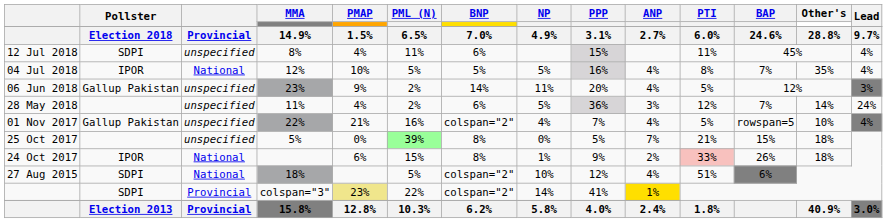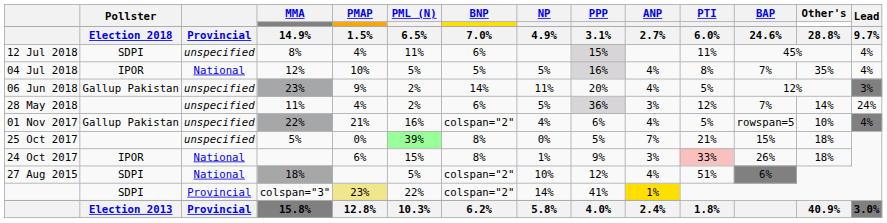 <table class="wikitable sortable" style="text-align:center">
 <tr>
 <th rowspan="2"></th>
 <th rowspan="2">Pollster</th>
 <th style="width:60px;" rowspan="2"></th>
 <th style="width:60px;" class="unsortable"><a href='#'>MMA</a></th>
 <th style="width:60px;" class="unsortable"><a href='#'>PMAP</a></th>
 <th style="width:60px;" class="unsortable"><a href='#'>PML (N)</a></th>
 <th style="width:60px;" class="unsortable"><a href='#'>BNP</a></th>
 <th style="width:60px;" class="unsortable"><a href='#'>NP</a></th>
 <th style="width:60px;" class="unsortable"><a href='#'>PPP</a></th>
 <th style="width:60px;" class="unsortable"><a href='#'>ANP</a></th>
 <th style="width:60px;" class="unsortable"><a href='#'>PTI</a></th>
 <th style="width:60px;" class="unsortable"><a href='#'>BAP</a></th>
 <th style="width:60px;" class="unsortable">Other's</th>
 <th class="unsortable" style="width:20px;" rowspan="2">Lead</th>
 </tr>
 <tr>
 <th class="unsortable" style="color:inherit;background:gray; width:60px;"></th>
 <th class="unsortable" style="color:inherit;background:orange; width:60px;"></th>
 <th class="unsortable" style="color:inherit;background:"></th>
 <th class="unsortable" style="color:inherit;background:#FFDF00; width:60px;"></th>
 <th class="unsortable" style="color:inherit;background:"></th>
 <th class="unsortable" style="color:inherit;background:"></th>
 <th class="unsortable" style="color:inherit;background:"></th>
 <th class="unsortable" style="color:inherit;background:"></th>
 <th class="unsortable" style="color:inherit;background:"></th>
 <th class="unsortable" style="color:inherit;background:white; width:60px;"></th>
 </tr>
 <tr>
 </tr>
 <tr class=sortbottom style="background:#f2f2f2; font-weight:bold">
 <th></th>
 <th><a href='#'>Election 2018</a></th>
 <th><a href='#'>Provincial</a></th>
 <th>14.9%</th>
 <th>1.5%</th>
 <th>6.5%</th>
 <th>7.0%</th>
 <th>4.9%</th>
 <th>3.1%</th>
 <th>2.7%</th>
 <th>6.0%</th>
 <th style="background:"><strong>24.6%</strong></th>
 <th>28.8%</th>
 <th style="background:"><strong>9.7%</strong></th>
 </tr>
 <tr>
 <td>12 Jul 2018</td>
 <td>SDPI</td>
 <td><em>unspecified</em></td>
 <td>8%</td>
 <td>4%</td>
 <td>11%</td>
 <td>6%</td>
 <td></td>
 <td style="background:#D7D5D7">15%</td>
 <td></td>
 <td>11%</td>
 <td colspan=2>45%</td>
 <td style="background:">4%</td>
 </tr>
 <tr>
 <td>04 Jul 2018</td>
 <td>IPOR</td>
 <td><a href='#'>National</a></td>
 <td>12%</td>
 <td>10%</td>
 <td>5%</td>
 <td>5%</td>
 <td>5%</td>
 <td style="background:#D7D5D7">16%</td>
 <td>4%</td>
 <td>8%</td>
 <td>7%</td>
 <td>35%</td>
 <td style="background:">4%</td>
 </tr>
 <tr>
 <td>06 Jun 2018</td>
 <td>Gallup Pakistan</td>
 <td><em>unspecified</em></td>
 <td style="background:#A6A7A9">23%</td>
 <td>9%</td>
 <td>2%</td>
 <td>14%</td>
 <td>11%</td>
 <td>20%</td>
 <td>4%</td>
 <td>5%</td>
 <td colspan=2>12%</td>
 <td style="background:gray">3%</td>
 </tr>
 <tr>
 <td>28 May 2018</td>
 <td></td>
 <td><em>unspecified</em></td>
 <td>11%</td>
 <td>4%</td>
 <td>2%</td>
 <td>6%</td>
 <td>5%</td>
 <td style="background:#D7D5D7">36%</td>
 <td>3%</td>
 <td>12%</td>
 <td>7%</td>
 <td>14%</td>
 <td style="background:">24%</td>
 </tr>
 <tr>
 <td>01 Nov 2017</td>
 <td>Gallup Pakistan</td>
 <td><em>unspecified</em></td>
 <td style="background:#A6A7A9">22%</td>
 <td>21%</td>
 <td>16%</td>
 <td>colspan="2" </td>
 <td>4%</td>
-<td>7%</td>
+<td>6%</td>
 <td>4%</td>
 <td>5%</td>
 <td>rowspan=5 </td>
 <td>10%</td>
 <td style="background:gray">4%</td>
 </tr>
 <tr>
 <td>25 Oct 2017</td>
 <td></td>
 <td><em>unspecified</em></td>
 <td>5%</td>
 <td>0%</td>
 <td style="background:rgb(153, 255, 153)">39%</td>
 <td>8%</td>
 <td>0%</td>
 <td>5%</td>
 <td>7%</td>
 <td>21%</td>
 <td>15%</td>
 <td style="background:">18%</td>
 </tr>
 <tr>
 <td>24 Oct 2017</td>
 <td>IPOR</td>
 <td><a href='#'>National</a></td>
 <td></td>
 <td>6%</td>
 <td>15%</td>
 <td>8%</td>
 <td>1%</td>
 <td>9%</td>
-<td>2%</td>
+<td>3%</td>
 <td style="background:rgb(248, 193, 190)">33%</td>
 <td>26%</td>
 <td style="background:">18%</td>
 </tr>
 <tr>
 <td>27 Aug 2015</td>
 <td>SDPI</td>
 <td><a href='#'>National</a></td>
 <td style="background:#A6A7A9">18%</td>
 <td></td>
 <td>5%</td>
 <td>colspan="2" </td>
 <td>10%</td>
 <td>12%</td>
 <td>4%</td>
 <td>51%</td>
 <td style="background:gray">6%</td>
 </tr>
 <tr>
 <td></td>
 <td>SDPI</td>
 <td><a href='#'>Provincial</a></td>
 <td>colspan="3" </td>
 <td style="background:khaki">23%</td>
 <td>22%</td>
 <td>colspan="2" </td>
 <td>14%</td>
 <td>41%</td>
 <td style="background:#FFDF00">1%</td>
 </tr>
 <tr>
 </tr>
 <tr class=sortbottom style="background:#f2f2f2; font-weight:bold">
 <th></th>
 <th><a href='#'>Election 2013</a></th>
 <th><a href='#'>Provincial</a></th>
 <th style="background:gray"><strong>15.8%</strong></th>
 <th>12.8%</th>
 <th>10.3%</th>
 <th>6.2%</th>
 <th>5.8%</th>
 <th>4.0%</th>
 <th>2.4%</th>
 <th>1.8%</th>
 <th></th>
 <th>40.9%</th>
 <th style="background:gray"><strong>3.0%</strong></th>
 </tr>
 </table>
